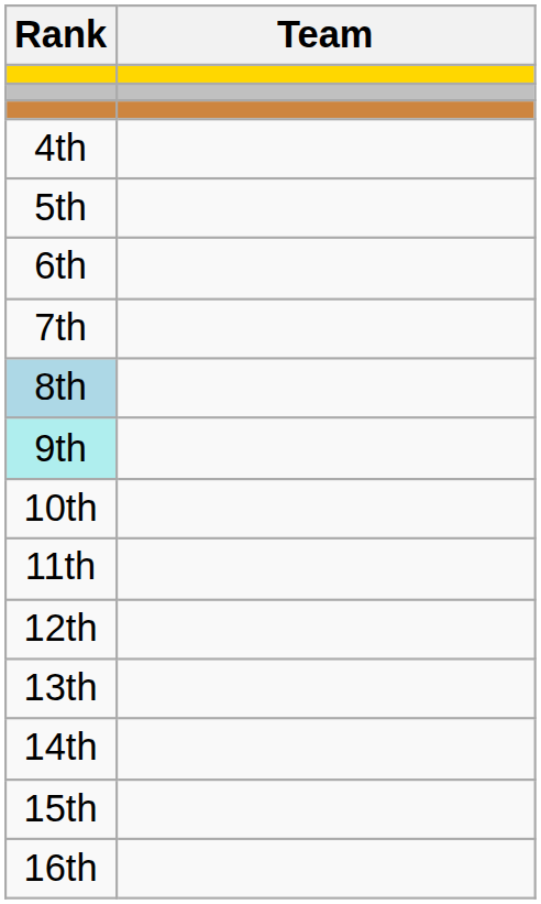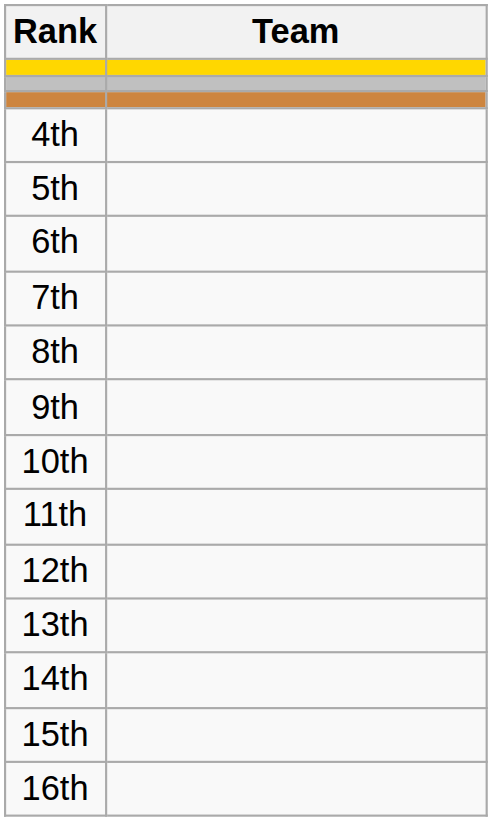 <table class=wikitable style="text-align:center;">
 <tr>
 <th>Rank</th>
 <th width=170>Team</th>
 </tr>
 <tr bgcolor=gold>
 <td></td>
 <td align=left></td>
 </tr>
 <tr bgcolor=silver>
 <td></td>
 <td align=left></td>
 </tr>
 <tr bgcolor=peru>
 <td></td>
 <td align=left></td>
 </tr>
 <tr>
 <td>4th</td>
 <td align=left></td>
 </tr>
 <tr>
 <td>5th</td>
 <td align=left></td>
 </tr>
 <tr>
 <td>6th</td>
 <td align=left></td>
 </tr>
 <tr>
 <td>7th</td>
 <td align=left></td>
 </tr>
 <tr>
-<td style="background: lightblue;">8th</td>
+<td>8th</td>
 <td align=left></td>
 </tr>
 <tr>
-<td style="background: paleturquoise;">9th</td>
+<td>9th</td>
 <td align=left></td>
 </tr>
 <tr>
 <td>10th</td>
 <td align=left></td>
 </tr>
 <tr>
 <td>11th</td>
 <td align=left></td>
 </tr>
 <tr>
 <td>12th</td>
 <td align=left></td>
 </tr>
 <tr>
 <td>13th</td>
 <td align=left></td>
 </tr>
 <tr>
 <td>14th</td>
 <td align=left></td>
 </tr>
 <tr bgcolor=>
 <td>15th</td>
 <td align=left></td>
 </tr>
 <tr bgcolor=>
 <td>16th</td>
 <td align=left></td>
 </tr>
 </table>
